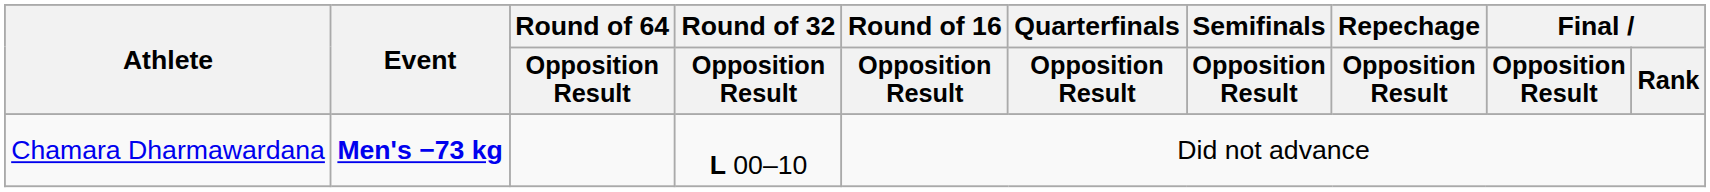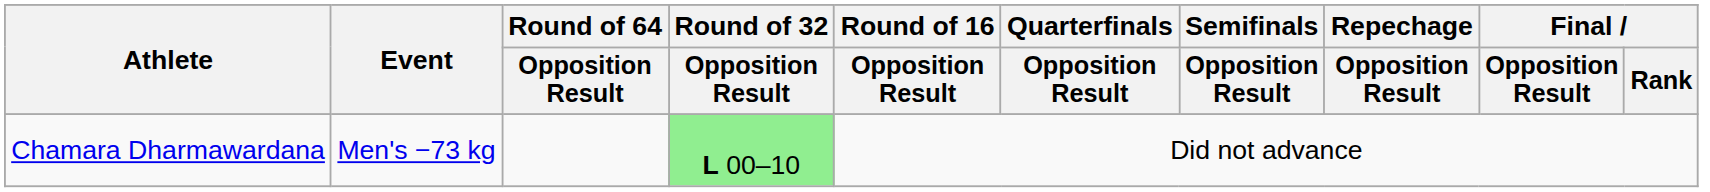 <table class="wikitable" style="font-size:90%">
 <tr>
 <th rowspan="2">Athlete</th>
 <th rowspan="2">Event</th>
 <th>Round of 64</th>
 <th>Round of 32</th>
 <th>Round of 16</th>
 <th>Quarterfinals</th>
 <th>Semifinals</th>
 <th>Repechage</th>
 <th colspan=2>Final / </th>
 </tr>
 <tr style="font-size:95%">
 <th>Opposition<br>Result</th>
 <th>Opposition<br>Result</th>
 <th>Opposition<br>Result</th>
 <th>Opposition<br>Result</th>
 <th>Opposition<br>Result</th>
 <th>Opposition<br>Result</th>
 <th>Opposition<br>Result</th>
 <th>Rank</th>
 </tr>
 <tr align=center>
 <td align=left><a href='#'>Chamara Dharmawardana</a></td>
-<td align=left><strong><a href='#'>Men's −73 kg</a></strong></td>
+<td align=left><a href='#'>Men's −73 kg</a></td>
 <td></td>
-<td><br><strong>L</strong> 00–10</td>
+<td style="background: lightgreen;"><br><strong>L</strong> 00–10</td>
 <td colspan=6>Did not advance</td>
 </tr>
 </table>
